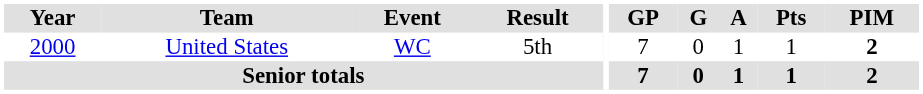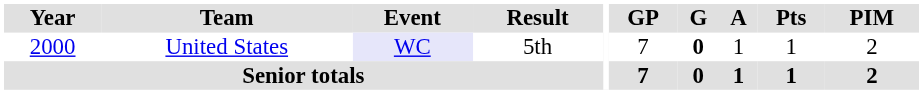 <table border="0" cellpadding="1" cellspacing="0" ID="Table3" style="text-align:center; width:40em">
 <tr ALIGN="center" bgcolor="#e0e0e0">
 <th>Year</th>
 <th>Team</th>
 <th>Event</th>
 <th>Result</th>
 <th rowspan="99" bgcolor="#ffffff"></th>
 <th>GP</th>
 <th>G</th>
 <th>A</th>
 <th>Pts</th>
 <th>PIM</th>
 </tr>
 <tr>
 <td><a href='#'>2000</a></td>
 <td><a href='#'>United States</a></td>
-<td><a href='#'>WC</a></td>
+<td style="background: lavender;"><a href='#'>WC</a></td>
 <td>5th</td>
 <td>7</td>
-<td>0</td>
+<td><strong>0</strong></td>
 <td>1</td>
 <td>1</td>
-<td><strong>2</strong></td>
+<td>2</td>
 </tr>
 <tr bgcolor="#e0e0e0">
 <th colspan=4>Senior totals</th>
 <th>7</th>
 <th>0</th>
 <th>1</th>
 <th>1</th>
 <th>2</th>
 </tr>
 </table>
